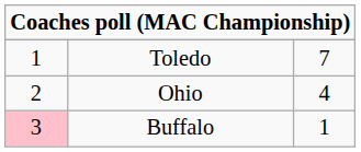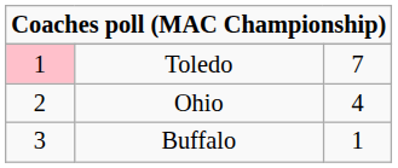 <table class="wikitable">
 <tr align="center">
 <td align="center" Colspan="3"><strong>Coaches poll (MAC Championship)</strong></td>
 </tr>
 <tr align="center">
 </tr>
 <tr align="center">
-<td>1</td>
+<td style="background: pink;">1</td>
 <td>Toledo</td>
 <td>7</td>
 </tr>
 <tr align="center">
 <td>2</td>
 <td>Ohio</td>
 <td>4</td>
 </tr>
 <tr align="center">
-<td style="background: pink;">3</td>
+<td>3</td>
 <td>Buffalo</td>
 <td>1</td>
 </tr>
 </table>
